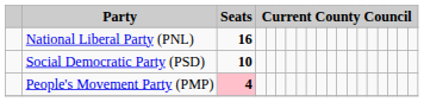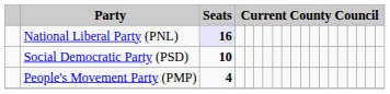 <table class="wikitable">
 <tr>
 <th style="background:#ccc">   </th>
 <th style="background:#ccc">Party</th>
 <th style="background:#ccc">Seats</th>
 <th style="background:#ccc" colspan="16">Current County Council</th>
 </tr>
 <tr>
 <td>  </td>
 <td><a href='#'>National Liberal Party</a> (PNL)</td>
-<td style="text-align: right"><strong>16</strong></td>
+<td style="background: lavender; text-align: right"><strong>16</strong></td>
 <td>  </td>
 <td>  </td>
 <td>  </td>
 <td>  </td>
 <td>  </td>
 <td>  </td>
 <td>  </td>
 <td>  </td>
 <td>  </td>
 <td>  </td>
 <td>  </td>
 <td>  </td>
 <td>  </td>
 <td>  </td>
 <td>  </td>
 <td>  </td>
 </tr>
 <tr>
 <td>  </td>
 <td><a href='#'>Social Democratic Party</a> (PSD)</td>
 <td style="text-align: right"><strong>10</strong></td>
 <td>  </td>
 <td>  </td>
 <td>  </td>
 <td>  </td>
 <td>  </td>
 <td>  </td>
 <td>  </td>
 <td>  </td>
 <td>  </td>
 <td>  </td>
 <td> </td>
 <td> </td>
 <td> </td>
 <td> </td>
 <td> </td>
 <td> </td>
 </tr>
 <tr>
 <td>  </td>
 <td><a href='#'>People's Movement Party</a> (PMP)</td>
-<td style="background: pink; text-align: right"><strong>4</strong></td>
+<td style="text-align: right"><strong>4</strong></td>
 <td>  </td>
 <td>  </td>
 <td>  </td>
 <td>  </td>
 <td> </td>
 <td> </td>
 <td> </td>
 <td> </td>
 <td> </td>
 <td> </td>
 <td> </td>
 <td> </td>
 <td> </td>
 <td> </td>
 <td> </td>
 <td> </td>
 </tr>
 <tr>
 </tr>
 </table>
